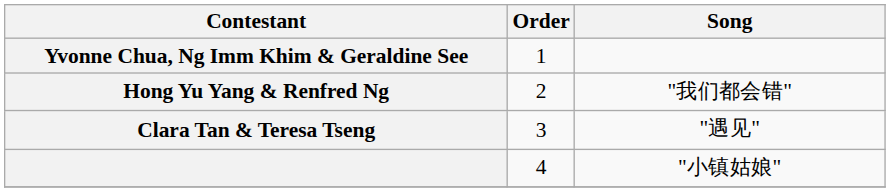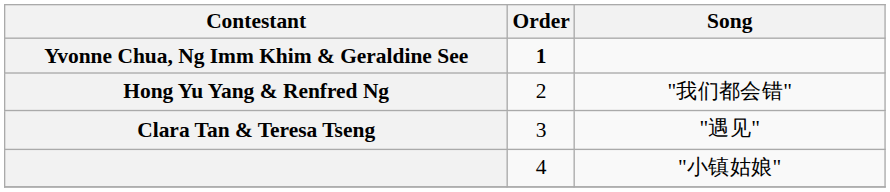 <table class="wikitable plainrowheaders" style="text-align:center;">
 <tr>
 <th scope="col" style="width:23em;">Contestant</th>
 <th scope="col">Order</th>
 <th scope="col" style="width:14em;">Song</th>
 </tr>
 <tr>
 <th scope="row">Yvonne Chua, Ng Imm Khim & Geraldine See</th>
-<td>1</td>
+<td><strong>1</strong></td>
 <td></td>
 </tr>
 <tr>
 <th scope="row">Hong Yu Yang & Renfred Ng</th>
 <td>2</td>
 <td>"我们都会错"</td>
 </tr>
 <tr>
 <th scope="row">Clara Tan & Teresa Tseng</th>
 <td>3</td>
 <td>"遇见"</td>
 </tr>
 <tr>
 <th scope="row"></th>
 <td>4</td>
 <td>"小镇姑娘"</td>
 </tr>
 <tr>
 </tr>
 </table>
